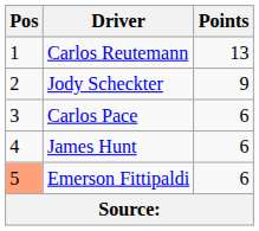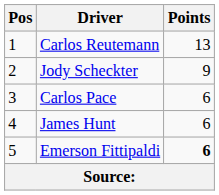 <table class="wikitable" style="font-size: 95%;">
 <tr>
 <th>Pos</th>
 <th>Driver</th>
 <th>Points</th>
 </tr>
 <tr>
 <td>1</td>
 <td> <a href='#'>Carlos Reutemann</a></td>
 <td align="right">13</td>
 </tr>
 <tr>
 <td>2</td>
 <td> <a href='#'>Jody Scheckter</a></td>
 <td align="right">9</td>
 </tr>
 <tr>
 <td>3</td>
 <td> <a href='#'>Carlos Pace</a></td>
 <td align="right">6</td>
 </tr>
 <tr>
 <td>4</td>
 <td> <a href='#'>James Hunt</a></td>
 <td align="right">6</td>
 </tr>
 <tr>
-<td style="background: lightsalmon;">5</td>
+<td>5</td>
 <td> <a href='#'>Emerson Fittipaldi</a></td>
-<td align="right">6</td>
+<td align="right"><strong>6</strong></td>
 </tr>
 <tr>
 <th colspan=4>Source:</th>
 </tr>
 </table>
